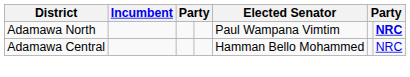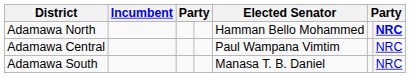 <table class="sortable wikitable" style="font-size:95%;line-height:14px;">
 <tr>
 <th class="unsortable">District</th>
 <th class="unsortable"><a href='#'>Incumbent</a></th>
 <th colspan="2">Party</th>
 <th class="unsortable">Elected Senator</th>
 <th colspan="2">Party</th>
 </tr>
 <tr>
 <td>Adamawa North</td>
 <td></td>
 <td></td>
 <td></td>
-<td>Paul Wampana Vimtim</td>
+<td>Hamman Bello Mohammed</td>
 <td style="background:"></td>
 <td><strong><a href='#'>NRC</a></strong></td>
 </tr>
 <tr>
 <td>Adamawa Central</td>
 <td></td>
 <td></td>
 <td></td>
-<td>Hamman Bello Mohammed</td>
+<td>Paul Wampana Vimtim</td>
+<td style="background:"></td>
+<td><a href='#'>NRC</a></td>
+</tr>
+<tr>
+<td>Adamawa South</td>
+<td></td>
+<td></td>
+<td></td>
+<td>Manasa T. B. Daniel</td>
 <td style="background:"></td>
 <td><a href='#'>NRC</a></td>
 </tr>
 </table>
